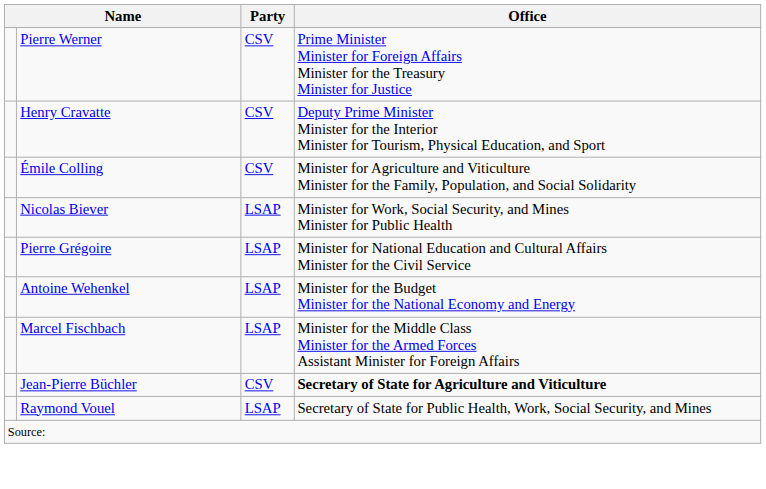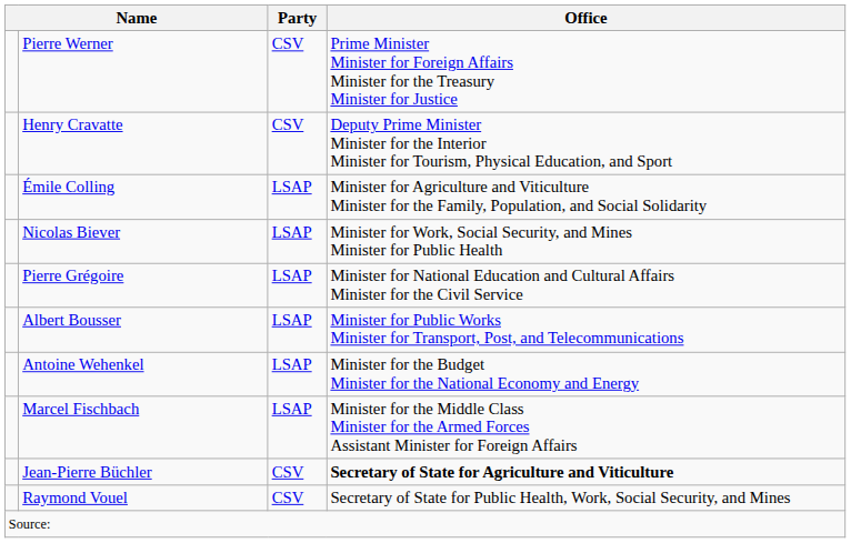 <table class="wikitable">
 <tr>
 <th colspan=2 width=250px>Name</th>
 <th width=50px>Party</th>
 <th width=500px>Office</th>
 </tr>
 <tr>
 <td style="background-color: "></td>
 <td valign=top><a href='#'>Pierre Werner</a></td>
 <td valign=top><a href='#'>CSV</a></td>
 <td><a href='#'>Prime Minister</a> <br> <a href='#'>Minister for Foreign Affairs</a> <br> Minister for the Treasury <br> <a href='#'>Minister for Justice</a></td>
 </tr>
 <tr>
 <td style="background-color: "></td>
 <td valign=top><a href='#'>Henry Cravatte</a></td>
 <td valign=top><a href='#'>CSV</a></td>
 <td><a href='#'>Deputy Prime Minister</a> <br> Minister for the Interior <br> Minister for Tourism, Physical Education, and Sport</td>
 </tr>
 <tr>
 <td style="background-color: "></td>
 <td valign=top><a href='#'>Émile Colling</a></td>
-<td valign=top><a href='#'>CSV</a></td>
+<td valign=top><a href='#'>LSAP</a></td>
 <td>Minister for Agriculture and Viticulture <br> Minister for the Family, Population, and Social Solidarity</td>
 </tr>
 <tr>
 <td style="background-color: "></td>
 <td valign=top><a href='#'>Nicolas Biever</a></td>
 <td valign=top><a href='#'>LSAP</a></td>
 <td>Minister for Work, Social Security, and Mines <br> Minister for Public Health</td>
 </tr>
 <tr>
 <td style="background-color: "></td>
 <td valign=top><a href='#'>Pierre Grégoire</a></td>
 <td valign=top><a href='#'>LSAP</a></td>
 <td>Minister for National Education and Cultural Affairs <br> Minister for the Civil Service</td>
+</tr>
+<tr>
+<td style="background-color: "></td>
+<td valign=top><a href='#'>Albert Bousser</a></td>
+<td valign=top><a href='#'>LSAP</a></td>
+<td><a href='#'>Minister for Public Works</a> <br> <a href='#'>Minister for Transport, Post, and Telecommunications</a></td>
 </tr>
 <tr>
 <td style="background-color: "></td>
 <td valign=top><a href='#'>Antoine Wehenkel</a></td>
 <td valign=top><a href='#'>LSAP</a></td>
 <td>Minister for the Budget <br> <a href='#'>Minister for the National Economy and Energy</a></td>
 </tr>
 <tr>
 <td style="background-color: "></td>
 <td valign=top><a href='#'>Marcel Fischbach</a></td>
 <td valign=top><a href='#'>LSAP</a></td>
 <td>Minister for the Middle Class <br> <a href='#'>Minister for the Armed Forces</a> <br> Assistant Minister for Foreign Affairs</td>
 </tr>
 <tr>
 <td style="background-color: "></td>
 <td valign=top><a href='#'>Jean-Pierre Büchler</a></td>
 <td valign=top><a href='#'>CSV</a></td>
 <td><strong>Secretary of State for Agriculture and Viticulture</strong></td>
 </tr>
 <tr>
 <td style="background-color: "></td>
 <td valign=top><a href='#'>Raymond Vouel</a></td>
-<td valign=top><a href='#'>LSAP</a></td>
+<td valign=top><a href='#'>CSV</a></td>
 <td>Secretary of State for Public Health, Work, Social Security, and Mines</td>
 </tr>
 <tr>
 <td colspan=4><small>Source: </small></td>
 </tr>
 </table>
